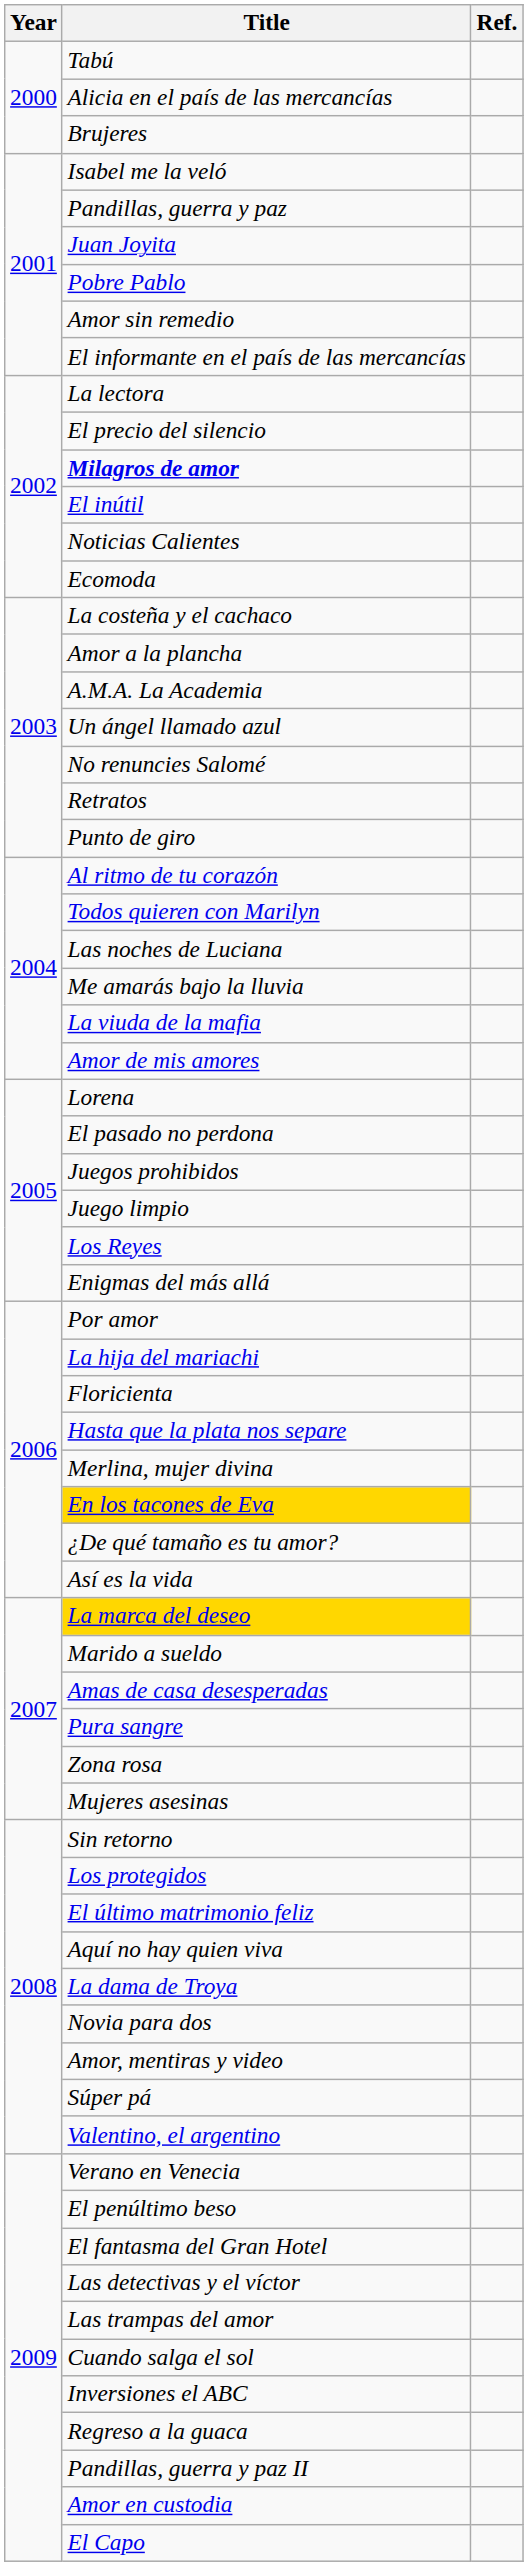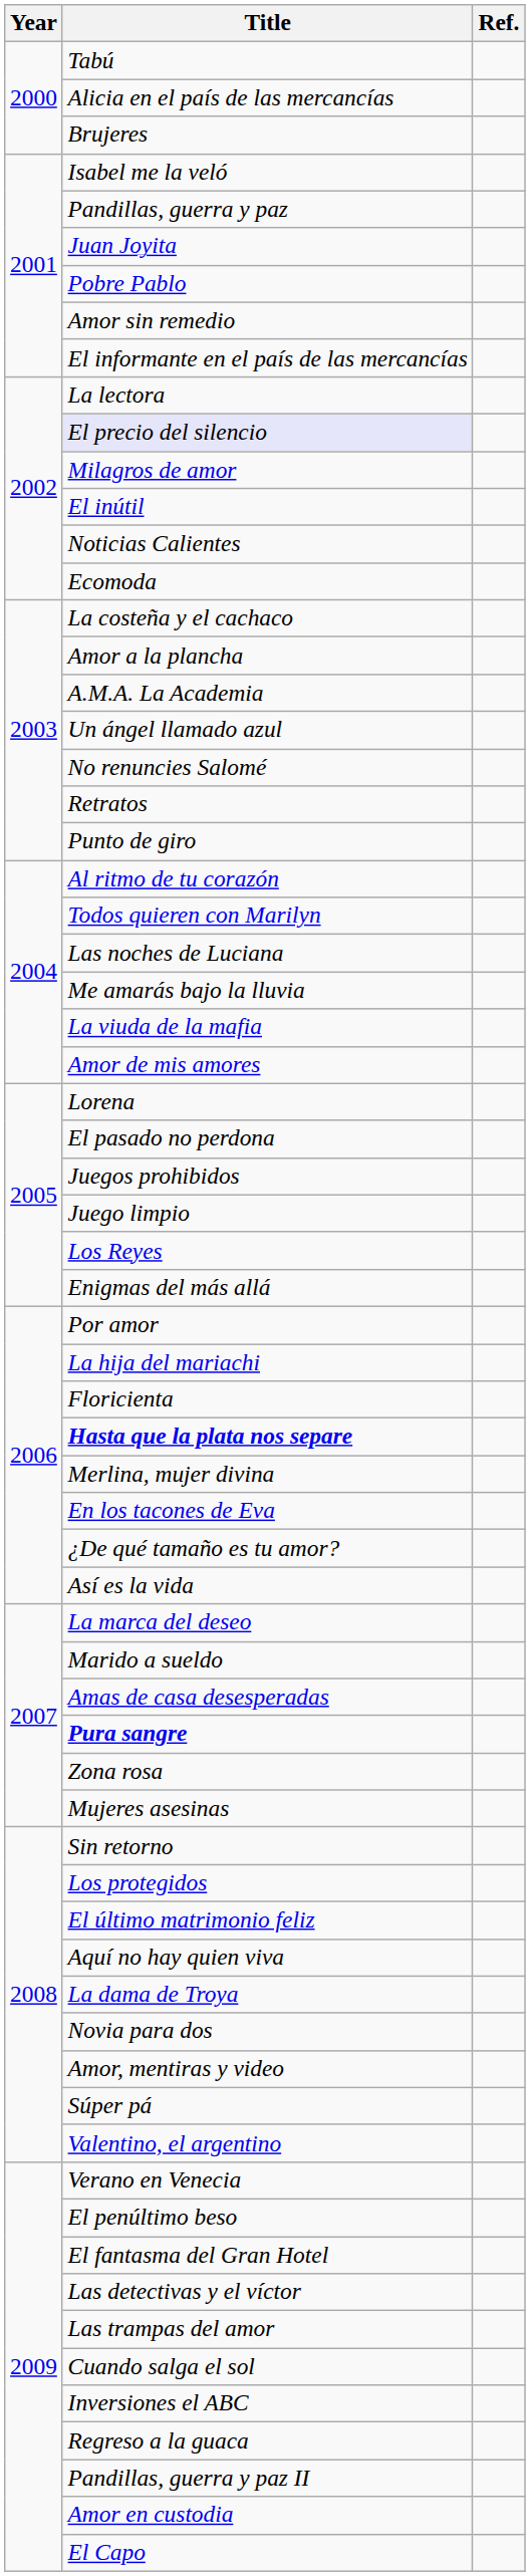 <table class="wikitable sortable">
 <tr>
 <th>Year</th>
 <th>Title</th>
 <th>Ref.</th>
 </tr>
 <tr>
 <td rowspan="3"><a href='#'>2000</a></td>
 <td><em>Tabú</em></td>
 <td></td>
 </tr>
 <tr>
 <td><em>Alicia en el país de las mercancías</em></td>
 <td></td>
 </tr>
 <tr>
 <td><em>Brujeres</em></td>
 <td></td>
 </tr>
 <tr>
 <td rowspan="6"><a href='#'>2001</a></td>
 <td><em>Isabel me la veló</em></td>
 <td></td>
 </tr>
 <tr>
 <td><em>Pandillas, guerra y paz</em></td>
 <td></td>
 </tr>
 <tr>
 <td><em><a href='#'>Juan Joyita</a></em></td>
 <td></td>
 </tr>
 <tr>
 <td><em><a href='#'>Pobre Pablo</a></em></td>
 <td></td>
 </tr>
 <tr>
 <td><em>Amor sin remedio</em></td>
 <td></td>
 </tr>
 <tr>
 <td><em>El informante en el país de las mercancías</em></td>
 <td></td>
 </tr>
 <tr>
 <td rowspan="6"><a href='#'>2002</a></td>
 <td><em>La lectora</em></td>
 <td></td>
 </tr>
 <tr>
-<td><em>El precio del silencio</em></td>
+<td style="background: lavender;"><em>El precio del silencio</em></td>
 <td></td>
 </tr>
 <tr>
-<td><strong><em><a href='#'>Milagros de amor</a></em></strong></td>
+<td><em><a href='#'>Milagros de amor</a></em></td>
 <td></td>
 </tr>
 <tr>
 <td><em><a href='#'>El inútil</a></em></td>
 <td></td>
 </tr>
 <tr>
 <td><em>Noticias Calientes</em></td>
 <td></td>
 </tr>
 <tr>
 <td><em>Ecomoda</em></td>
 <td></td>
 </tr>
 <tr>
 <td rowspan="7"><a href='#'>2003</a></td>
 <td><em>La costeña y el cachaco</em></td>
 <td></td>
 </tr>
 <tr>
 <td><em>Amor a la plancha</em></td>
 <td></td>
 </tr>
 <tr>
 <td><em>A.M.A. La Academia</em></td>
 <td></td>
 </tr>
 <tr>
 <td><em>Un ángel llamado azul</em></td>
 <td></td>
 </tr>
 <tr>
 <td><em>No renuncies Salomé</em></td>
 <td></td>
 </tr>
 <tr>
 <td><em>Retratos</em></td>
 <td></td>
 </tr>
 <tr>
 <td><em>Punto de giro</em></td>
 <td></td>
 </tr>
 <tr>
 <td rowspan="6"><a href='#'>2004</a></td>
 <td><em><a href='#'>Al ritmo de tu corazón</a></em></td>
 <td></td>
 </tr>
 <tr>
 <td><em><a href='#'>Todos quieren con Marilyn</a></em></td>
 <td></td>
 </tr>
 <tr>
 <td><em>Las noches de Luciana</em></td>
 <td></td>
 </tr>
 <tr>
 <td><em>Me amarás bajo la lluvia</em></td>
 <td></td>
 </tr>
 <tr>
 <td><em><a href='#'>La viuda de la mafia</a></em></td>
 <td></td>
 </tr>
 <tr>
 <td><em><a href='#'>Amor de mis amores</a></em></td>
 <td></td>
 </tr>
 <tr>
 <td rowspan="6"><a href='#'>2005</a></td>
 <td><em>Lorena</em></td>
 <td></td>
 </tr>
 <tr>
 <td><em>El pasado no perdona</em></td>
 <td></td>
 </tr>
 <tr>
 <td><em>Juegos prohibidos</em></td>
 <td></td>
 </tr>
 <tr>
 <td><em>Juego limpio</em></td>
 <td></td>
 </tr>
 <tr>
 <td><em><a href='#'>Los Reyes</a></em></td>
 <td></td>
 </tr>
 <tr>
 <td><em>Enigmas del más allá</em></td>
 <td></td>
 </tr>
 <tr>
 <td rowspan="8"><a href='#'>2006</a></td>
 <td><em>Por amor</em></td>
 <td></td>
 </tr>
 <tr>
 <td><em><a href='#'>La hija del mariachi</a></em></td>
 <td></td>
 </tr>
 <tr>
 <td><em>Floricienta</em></td>
 <td></td>
 </tr>
 <tr>
-<td><em><a href='#'>Hasta que la plata nos separe</a></em></td>
+<td><strong><em><a href='#'>Hasta que la plata nos separe</a></em></strong></td>
 <td></td>
 </tr>
 <tr>
 <td><em>Merlina, mujer divina</em></td>
 <td></td>
 </tr>
 <tr>
-<td style="background: gold;"><em><a href='#'>En los tacones de Eva</a></em></td>
+<td><em><a href='#'>En los tacones de Eva</a></em></td>
 <td></td>
 </tr>
 <tr>
 <td><em>¿De qué tamaño es tu amor?</em></td>
 <td></td>
 </tr>
 <tr>
 <td><em>Así es la vida</em></td>
 <td></td>
 </tr>
 <tr>
 <td rowspan="6"><a href='#'>2007</a></td>
-<td style="background: gold;"><em><a href='#'>La marca del deseo</a></em></td>
+<td><em><a href='#'>La marca del deseo</a></em></td>
 <td></td>
 </tr>
 <tr>
 <td><em>Marido a sueldo</em></td>
 <td></td>
 </tr>
 <tr>
 <td><em><a href='#'>Amas de casa desesperadas</a></em></td>
 <td></td>
 </tr>
 <tr>
-<td><em><a href='#'>Pura sangre</a></em></td>
+<td><strong><em><a href='#'>Pura sangre</a></em></strong></td>
 <td></td>
 </tr>
 <tr>
 <td><em>Zona rosa</em></td>
 <td></td>
 </tr>
 <tr>
 <td><em>Mujeres asesinas</em></td>
 <td></td>
 </tr>
 <tr>
 <td rowspan="9"><a href='#'>2008</a></td>
 <td><em>Sin retorno</em></td>
 <td></td>
 </tr>
 <tr>
 <td><em><a href='#'>Los protegidos</a></em></td>
 <td></td>
 </tr>
 <tr>
 <td><em><a href='#'>El último matrimonio feliz</a></em></td>
 <td></td>
 </tr>
 <tr>
 <td><em>Aquí no hay quien viva</em></td>
 <td></td>
 </tr>
 <tr>
 <td><em><a href='#'>La dama de Troya</a></em></td>
 <td></td>
 </tr>
 <tr>
 <td><em>Novia para dos</em></td>
 <td></td>
 </tr>
 <tr>
 <td><em>Amor, mentiras y video</em></td>
 <td></td>
 </tr>
 <tr>
 <td><em>Súper pá</em></td>
 <td></td>
 </tr>
 <tr>
 <td><em><a href='#'>Valentino, el argentino</a></em></td>
 <td></td>
 </tr>
 <tr>
 <td rowspan="12"><a href='#'>2009</a></td>
 <td><em>Verano en Venecia</em></td>
 <td></td>
 </tr>
 <tr>
 <td><em>El penúltimo beso</em></td>
 <td></td>
 </tr>
 <tr>
 <td><em>El fantasma del Gran Hotel</em></td>
 <td></td>
 </tr>
 <tr>
 <td><em>Las detectivas y el víctor</em></td>
 <td></td>
 </tr>
 <tr>
 <td><em>Las trampas del amor</em></td>
 <td></td>
 </tr>
 <tr>
 <td><em>Cuando salga el sol</em></td>
 <td></td>
 </tr>
 <tr>
 <td><em>Inversiones el ABC</em></td>
 <td></td>
 </tr>
 <tr>
 <td><em>Regreso a la guaca</em></td>
 <td></td>
 </tr>
 <tr>
 <td><em>Pandillas, guerra y paz II</em></td>
 <td></td>
 </tr>
 <tr>
 <td><em><a href='#'>Amor en custodia</a></em></td>
 <td></td>
 </tr>
 <tr>
 <td><em><a href='#'>El Capo</a></em></td>
 <td></td>
 </tr>
 </table>
